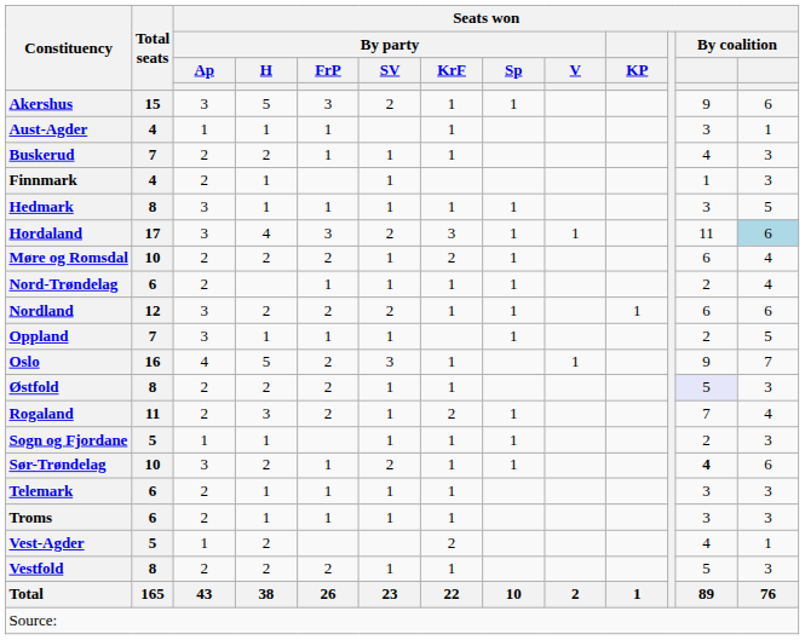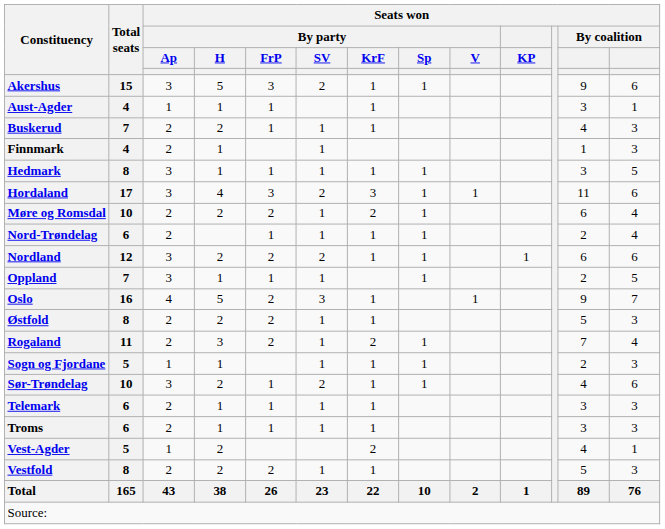 <table class="wikitable" style="text-align:center; font-size: 0.9em;">
 <tr>
 <th rowspan="4">Constituency</th>
 <th rowspan="4">Total<br>seats</th>
 <th colspan="11">Seats won</th>
 </tr>
 <tr>
 <th colspan="7">By party</th>
 <th></th>
 <th rowspan="23"></th>
 <th colspan="2">By coalition</th>
 </tr>
 <tr>
 <th class="unsortable" style="width:50px;"><a href='#'>Ap</a></th>
 <th class="unsortable" style="width:50px;"><a href='#'>H</a></th>
 <th class="unsortable" style="width:50px;"><a href='#'>FrP</a></th>
 <th class="unsortable" style="width:50px;"><a href='#'>SV</a></th>
 <th class="unsortable" style="width:50px;"><a href='#'>KrF</a></th>
 <th class="unsortable" style="width:50px;"><a href='#'>Sp</a></th>
 <th class="unsortable" style="width:50px;"><a href='#'>V</a></th>
 <th class="unsortable" style="width:50px;"><a href='#'>KP</a></th>
 <th class="unsortable" style="width:50px;"></th>
 <th class="unsortable" style="width:50px;"></th>
 </tr>
 <tr>
 <th style="background:"></th>
 <th style="background:"></th>
 <th style="background:"></th>
 <th style="background:"></th>
 <th style="background:"></th>
 <th style="background:"></th>
 <th style="background:"></th>
 <th style="background:"></th>
 <th style="background:"></th>
 <th style="background:"></th>
 </tr>
 <tr>
 <th style="text-align: left;"><a href='#'>Akershus</a></th>
 <th>15</th>
 <td>3</td>
 <td>5</td>
 <td>3</td>
 <td>2</td>
 <td>1</td>
 <td>1</td>
 <td></td>
 <td></td>
 <td>9</td>
 <td>6</td>
 </tr>
 <tr>
 <th style="text-align: left;"><a href='#'>Aust-Agder</a></th>
 <th>4</th>
 <td>1</td>
 <td>1</td>
 <td>1</td>
 <td></td>
 <td>1</td>
 <td></td>
 <td></td>
 <td></td>
 <td>3</td>
 <td>1</td>
 </tr>
 <tr>
 <th style="text-align: left;"><a href='#'>Buskerud</a></th>
 <th>7</th>
 <td>2</td>
 <td>2</td>
 <td>1</td>
 <td>1</td>
 <td>1</td>
 <td></td>
 <td></td>
 <td></td>
 <td>4</td>
 <td>3</td>
 </tr>
 <tr>
 <th style="text-align: left;">Finnmark</th>
 <th>4</th>
 <td>2</td>
 <td>1</td>
 <td></td>
 <td>1</td>
 <td></td>
 <td></td>
 <td></td>
 <td></td>
 <td>1</td>
 <td>3</td>
 </tr>
 <tr>
 <th style="text-align: left;"><a href='#'>Hedmark</a></th>
 <th>8</th>
 <td>3</td>
 <td>1</td>
 <td>1</td>
 <td>1</td>
 <td>1</td>
 <td>1</td>
 <td></td>
 <td></td>
 <td>3</td>
 <td>5</td>
 </tr>
 <tr>
 <th style="text-align: left;"><a href='#'>Hordaland</a></th>
 <th>17</th>
 <td>3</td>
 <td>4</td>
 <td>3</td>
 <td>2</td>
 <td>3</td>
 <td>1</td>
 <td>1</td>
 <td></td>
 <td>11</td>
-<td style="background: lightblue;">6</td>
+<td>6</td>
 </tr>
 <tr>
 <th style="text-align: left;"><a href='#'>Møre og Romsdal</a></th>
 <th>10</th>
 <td>2</td>
 <td>2</td>
 <td>2</td>
 <td>1</td>
 <td>2</td>
 <td>1</td>
 <td></td>
 <td></td>
 <td>6</td>
 <td>4</td>
 </tr>
 <tr>
 <th style="text-align: left;"><a href='#'>Nord-Trøndelag</a></th>
 <th>6</th>
 <td>2</td>
 <td></td>
 <td>1</td>
 <td>1</td>
 <td>1</td>
 <td>1</td>
 <td></td>
 <td></td>
 <td>2</td>
 <td>4</td>
 </tr>
 <tr>
 <th style="text-align: left;"><a href='#'>Nordland</a></th>
 <th>12</th>
 <td>3</td>
 <td>2</td>
 <td>2</td>
 <td>2</td>
 <td>1</td>
 <td>1</td>
 <td></td>
 <td>1</td>
 <td>6</td>
 <td>6</td>
 </tr>
 <tr>
 <th style="text-align: left;"><a href='#'>Oppland</a></th>
 <th>7</th>
 <td>3</td>
 <td>1</td>
 <td>1</td>
 <td>1</td>
 <td></td>
 <td>1</td>
 <td></td>
 <td></td>
 <td>2</td>
 <td>5</td>
 </tr>
 <tr>
 <th style="text-align: left;"><a href='#'>Oslo</a></th>
 <th>16</th>
 <td>4</td>
 <td>5</td>
 <td>2</td>
 <td>3</td>
 <td>1</td>
 <td></td>
 <td>1</td>
 <td></td>
 <td>9</td>
 <td>7</td>
 </tr>
 <tr>
 <th style="text-align: left;"><a href='#'>Østfold</a></th>
 <th>8</th>
 <td>2</td>
 <td>2</td>
 <td>2</td>
 <td>1</td>
 <td>1</td>
 <td></td>
 <td></td>
 <td></td>
-<td style="background: lavender;">5</td>
+<td>5</td>
 <td>3</td>
 </tr>
 <tr>
 <th style="text-align: left;"><a href='#'>Rogaland</a></th>
 <th>11</th>
 <td>2</td>
 <td>3</td>
 <td>2</td>
 <td>1</td>
 <td>2</td>
 <td>1</td>
 <td></td>
 <td></td>
 <td>7</td>
 <td>4</td>
 </tr>
 <tr>
 <th style="text-align: left;"><a href='#'>Sogn og Fjordane</a></th>
 <th>5</th>
 <td>1</td>
 <td>1</td>
 <td></td>
 <td>1</td>
 <td>1</td>
 <td>1</td>
 <td></td>
 <td></td>
 <td>2</td>
 <td>3</td>
 </tr>
 <tr>
 <th style="text-align: left;"><a href='#'>Sør-Trøndelag</a></th>
 <th>10</th>
 <td>3</td>
 <td>2</td>
 <td>1</td>
 <td>2</td>
 <td>1</td>
 <td>1</td>
 <td></td>
 <td></td>
-<td><strong>4</strong></td>
+<td>4</td>
 <td>6</td>
 </tr>
 <tr>
 <th style="text-align: left;"><a href='#'>Telemark</a></th>
 <th>6</th>
 <td>2</td>
 <td>1</td>
 <td>1</td>
 <td>1</td>
 <td>1</td>
 <td></td>
 <td></td>
 <td></td>
 <td>3</td>
 <td>3</td>
 </tr>
 <tr>
 <th style="text-align: left;">Troms</th>
 <th>6</th>
 <td>2</td>
 <td>1</td>
 <td>1</td>
 <td>1</td>
 <td>1</td>
 <td></td>
 <td></td>
 <td></td>
 <td>3</td>
 <td>3</td>
 </tr>
 <tr>
 <th style="text-align: left;"><a href='#'>Vest-Agder</a></th>
 <th>5</th>
 <td>1</td>
 <td>2</td>
 <td></td>
 <td></td>
 <td>2</td>
 <td></td>
 <td></td>
 <td></td>
 <td>4</td>
 <td>1</td>
 </tr>
 <tr>
 <th style="text-align: left;"><a href='#'>Vestfold</a></th>
 <th>8</th>
 <td>2</td>
 <td>2</td>
 <td>2</td>
 <td>1</td>
 <td>1</td>
 <td></td>
 <td></td>
 <td></td>
 <td>5</td>
 <td>3</td>
 </tr>
 <tr>
 <th style="text-align: left;">Total</th>
 <th>165</th>
 <th>43</th>
 <th>38</th>
 <th>26</th>
 <th>23</th>
 <th>22</th>
 <th>10</th>
 <th>2</th>
 <th>1</th>
 <th>89</th>
 <th>76</th>
 </tr>
 <tr>
 <td align=left colspan="13">Source: </td>
 </tr>
 </table>
